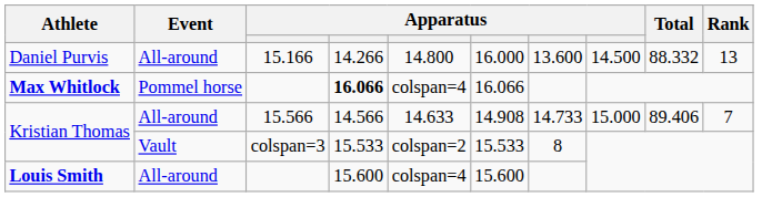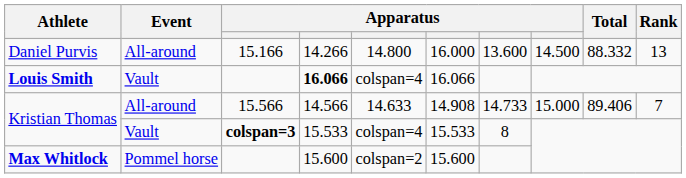 <table class="wikitable" style="text-align:center; font-size:90%">
 <tr>
 <th rowspan=2>Athlete</th>
 <th rowspan=2>Event</th>
 <th colspan =6>Apparatus</th>
 <th rowspan=2>Total</th>
 <th rowspan=2>Rank</th>
 </tr>
 <tr style="font-size:95%">
 <th></th>
 <th></th>
 <th></th>
 <th></th>
 <th></th>
 <th></th>
 </tr>
 <tr>
 <td style="text-align:left;"><a href='#'>Daniel Purvis</a></td>
 <td style="text-align:left;"><a href='#'>All-around</a></td>
 <td>15.166</td>
 <td>14.266</td>
 <td>14.800</td>
 <td>16.000</td>
 <td>13.600</td>
 <td>14.500</td>
 <td>88.332</td>
 <td>13</td>
 </tr>
 <tr>
-<td style="text-align:left;"><strong><a href='#'>Max Whitlock</a></strong></td>
-<td style="text-align:left;"><a href='#'>Pommel horse</a></td>
+<td style="text-align:left;"><strong><a href='#'>Louis Smith</a></strong></td>
+<td style="text-align:left;"><a href='#'>Vault</a></td>
 <td></td>
 <td><strong>16.066</strong></td>
 <td>colspan=4 </td>
 <td>16.066</td>
 <td></td>
 </tr>
 <tr>
 <td style="text-align:left;" rowspan="2"><a href='#'>Kristian Thomas</a></td>
 <td style="text-align:left;"><a href='#'>All-around</a></td>
 <td>15.566</td>
 <td>14.566</td>
 <td>14.633</td>
 <td>14.908</td>
 <td>14.733</td>
 <td>15.000</td>
 <td>89.406</td>
 <td>7</td>
 </tr>
 <tr>
 <td style="text-align:left;"><a href='#'>Vault</a></td>
-<td>colspan=3 </td>
+<td><strong>colspan=3 </strong></td>
 <td>15.533</td>
-<td>colspan=2 </td>
+<td>colspan=4 </td>
 <td>15.533</td>
 <td>8</td>
 </tr>
 <tr>
-<td style="text-align:left;"><strong><a href='#'>Louis Smith</a></strong></td>
-<td style="text-align:left;"><a href='#'>All-around</a></td>
+<td style="text-align:left;"><strong><a href='#'>Max Whitlock</a></strong></td>
+<td style="text-align:left;"><a href='#'>Pommel horse</a></td>
 <td></td>
 <td>15.600</td>
-<td>colspan=4 </td>
+<td>colspan=2 </td>
 <td>15.600</td>
 <td></td>
 </tr>
 </table>
